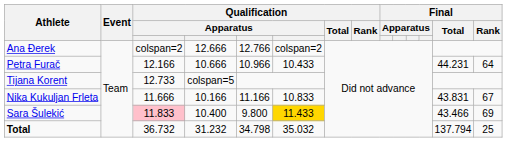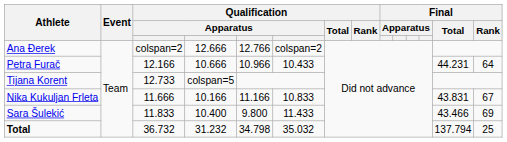 <table class="wikitable" style="font-size:90%">
 <tr>
 <th rowspan=3>Athlete</th>
 <th rowspan=3>Event</th>
 <th colspan=6>Qualification</th>
 <th colspan=6>Final</th>
 </tr>
 <tr style="font-size:95%">
 <th colspan=4>Apparatus</th>
 <th rowspan=2>Total</th>
 <th rowspan=2>Rank</th>
 <th colspan=4>Apparatus</th>
 <th rowspan=2>Total</th>
 <th rowspan=2>Rank</th>
 </tr>
 <tr style="font-size:95%">
 <th></th>
 <th></th>
 <th></th>
 <th></th>
 <th></th>
 <th></th>
 <th></th>
 <th></th>
 </tr>
 <tr align=center>
 <td align=left><a href='#'>Ana Đerek</a></td>
 <td align=left rowspan=6>Team</td>
 <td>colspan=2</td>
 <td>12.666</td>
 <td>12.766</td>
 <td>colspan=2</td>
 <td rowspan=6 colspan=6>Did not advance</td>
 </tr>
 <tr align=center>
 <td align=left><a href='#'>Petra Furač</a></td>
 <td>12.166</td>
 <td>10.666</td>
 <td>10.966</td>
 <td>10.433</td>
 <td>44.231</td>
 <td>64</td>
 </tr>
 <tr align=center>
 <td align=left><a href='#'>Tijana Korent</a></td>
 <td>12.733</td>
 <td>colspan=5</td>
 </tr>
 <tr align=center>
 <td align=left><a href='#'>Nika Kukuljan Frleta</a></td>
 <td>11.666</td>
 <td>10.166</td>
 <td>11.166</td>
 <td>10.833</td>
 <td>43.831</td>
 <td>67</td>
 </tr>
 <tr align=center>
 <td align=left><a href='#'>Sara Šulekić</a></td>
-<td style="background: pink;">11.833</td>
+<td>11.833</td>
 <td>10.400</td>
 <td>9.800</td>
-<td style="background: gold;">11.433</td>
+<td>11.433</td>
 <td>43.466</td>
 <td>69</td>
 </tr>
 <tr align=center>
 <td align=left><strong>Total</strong></td>
 <td>36.732</td>
 <td>31.232</td>
 <td>34.798</td>
 <td>35.032</td>
 <td>137.794</td>
 <td>25</td>
 </tr>
 </table>
